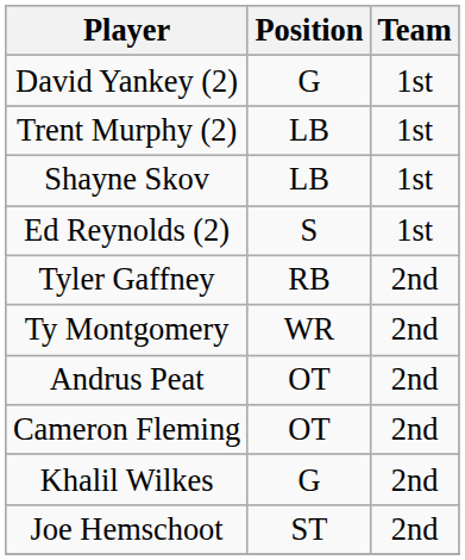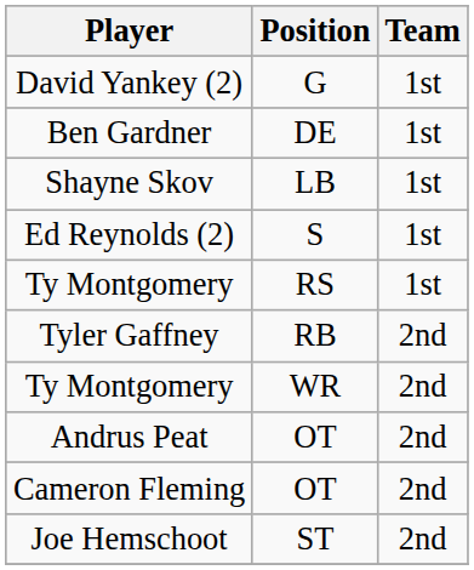 <table class="wikitable sortable sortable" style="text-align: center">
 <tr>
 <th>Player</th>
 <th>Position</th>
 <th>Team</th>
 </tr>
 <tr>
 <td>David Yankey (2)</td>
 <td>G</td>
 <td>1st</td>
 </tr>
 <tr>
-<td>Trent Murphy (2)</td>
-<td>LB</td>
+<td>Ben Gardner</td>
+<td>DE</td>
 <td>1st</td>
 </tr>
 <tr>
 <td>Shayne Skov</td>
 <td>LB</td>
 <td>1st</td>
 </tr>
 <tr>
 <td>Ed Reynolds (2)</td>
 <td>S</td>
+<td>1st</td>
+</tr>
+<tr>
+<td>Ty Montgomery</td>
+<td>RS</td>
 <td>1st</td>
 </tr>
 <tr>
 <td>Tyler Gaffney</td>
 <td>RB</td>
 <td>2nd</td>
 </tr>
 <tr>
 <td>Ty Montgomery</td>
 <td>WR</td>
 <td>2nd</td>
 </tr>
 <tr>
 <td>Andrus Peat</td>
 <td>OT</td>
 <td>2nd</td>
 </tr>
 <tr>
 <td>Cameron Fleming</td>
 <td>OT</td>
 <td>2nd</td>
 </tr>
 <tr>
-<td>Khalil Wilkes</td>
-<td>G</td>
-<td>2nd</td>
-</tr>
-<tr>
 <td>Joe Hemschoot</td>
 <td>ST</td>
 <td>2nd</td>
 </tr>
 <tr>
 </tr>
 </table>
